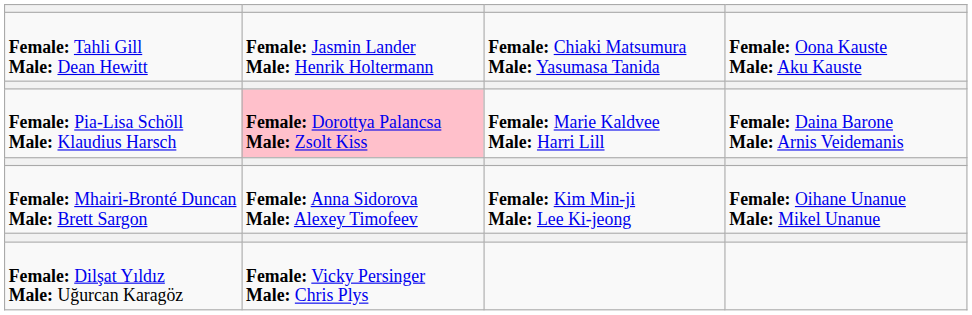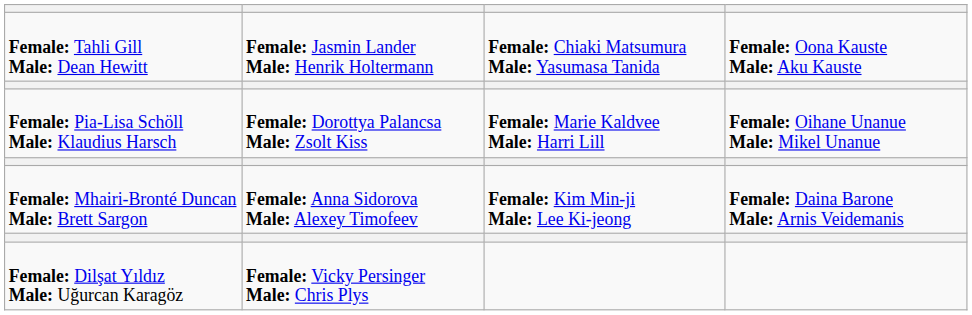 <table class=wikitable>
 <tr>
 <th width=250></th>
 <th width=250></th>
 <th width=250></th>
 <th width=250></th>
 </tr>
 <tr>
 <td><br><strong>Female:</strong> <a href='#'>Tahli Gill</a><br> <strong>Male:</strong> <a href='#'>Dean Hewitt</a></td>
 <td><br><strong>Female:</strong> <a href='#'>Jasmin Lander</a><br> <strong>Male:</strong> <a href='#'>Henrik Holtermann</a></td>
 <td><br><strong>Female:</strong> <a href='#'>Chiaki Matsumura</a><br> <strong>Male:</strong> <a href='#'>Yasumasa Tanida</a></td>
 <td><br><strong>Female:</strong> <a href='#'>Oona Kauste</a><br> <strong>Male:</strong> <a href='#'>Aku Kauste</a></td>
 </tr>
 <tr>
 <th width=250></th>
 <th width=250></th>
 <th width=250></th>
 <th width=250></th>
 </tr>
 <tr>
 <td><br><strong>Female:</strong> <a href='#'>Pia-Lisa Schöll</a><br> <strong>Male:</strong> <a href='#'>Klaudius Harsch</a></td>
-<td style="background: pink;"><br><strong>Female:</strong> <a href='#'>Dorottya Palancsa</a><br> <strong>Male:</strong> <a href='#'>Zsolt Kiss</a></td>
+<td><br><strong>Female:</strong> <a href='#'>Dorottya Palancsa</a><br> <strong>Male:</strong> <a href='#'>Zsolt Kiss</a></td>
 <td><br><strong>Female:</strong> <a href='#'>Marie Kaldvee</a><br> <strong>Male:</strong> <a href='#'>Harri Lill</a></td>
-<td><br><strong>Female:</strong> <a href='#'>Daina Barone</a><br> <strong>Male:</strong> <a href='#'>Arnis Veidemanis</a></td>
+<td><br><strong>Female:</strong> <a href='#'>Oihane Unanue</a><br> <strong>Male:</strong> <a href='#'>Mikel Unanue</a></td>
 </tr>
 <tr>
 <th width=250></th>
 <th width=250></th>
 <th width=250></th>
 <th width=250></th>
 </tr>
 <tr>
 <td><br><strong>Female:</strong> <a href='#'>Mhairi-Bronté Duncan</a><br> <strong>Male:</strong> <a href='#'>Brett Sargon</a></td>
 <td><br><strong>Female:</strong> <a href='#'>Anna Sidorova</a><br> <strong>Male:</strong> <a href='#'>Alexey Timofeev</a></td>
 <td><br><strong>Female:</strong> <a href='#'>Kim Min-ji</a><br> <strong>Male:</strong> <a href='#'>Lee Ki-jeong</a></td>
-<td><br><strong>Female:</strong> <a href='#'>Oihane Unanue</a><br> <strong>Male:</strong> <a href='#'>Mikel Unanue</a></td>
+<td><br><strong>Female:</strong> <a href='#'>Daina Barone</a><br> <strong>Male:</strong> <a href='#'>Arnis Veidemanis</a></td>
 </tr>
 <tr>
 <th width=250></th>
 <th width=250></th>
 <th width=250></th>
 <th width=250></th>
 </tr>
 <tr>
 <td><br><strong>Female:</strong> <a href='#'>Dilşat Yıldız</a><br> <strong>Male:</strong> Uğurcan Karagöz</td>
 <td><br><strong>Female:</strong> <a href='#'>Vicky Persinger</a><br> <strong>Male:</strong> <a href='#'>Chris Plys</a></td>
 <td></td>
 <td></td>
 </tr>
 </table>
